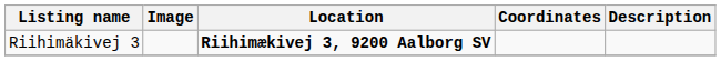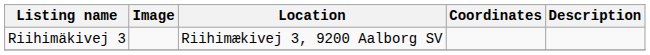 <table class="wikitable sortable">
 <tr>
 <th>Listing name</th>
 <th>Image</th>
 <th>Location</th>
 <th>Coordinates</th>
 <th>Description</th>
 </tr>
 <tr>
 <td>Riihimäkivej 3</td>
 <td></td>
-<td><strong>Riihimækivej 3, 9200 Aalborg SV</strong></td>
+<td>Riihimækivej 3, 9200 Aalborg SV</td>
 <td></td>
 <td></td>
 </tr>
 <tr>
 </tr>
 </table>
